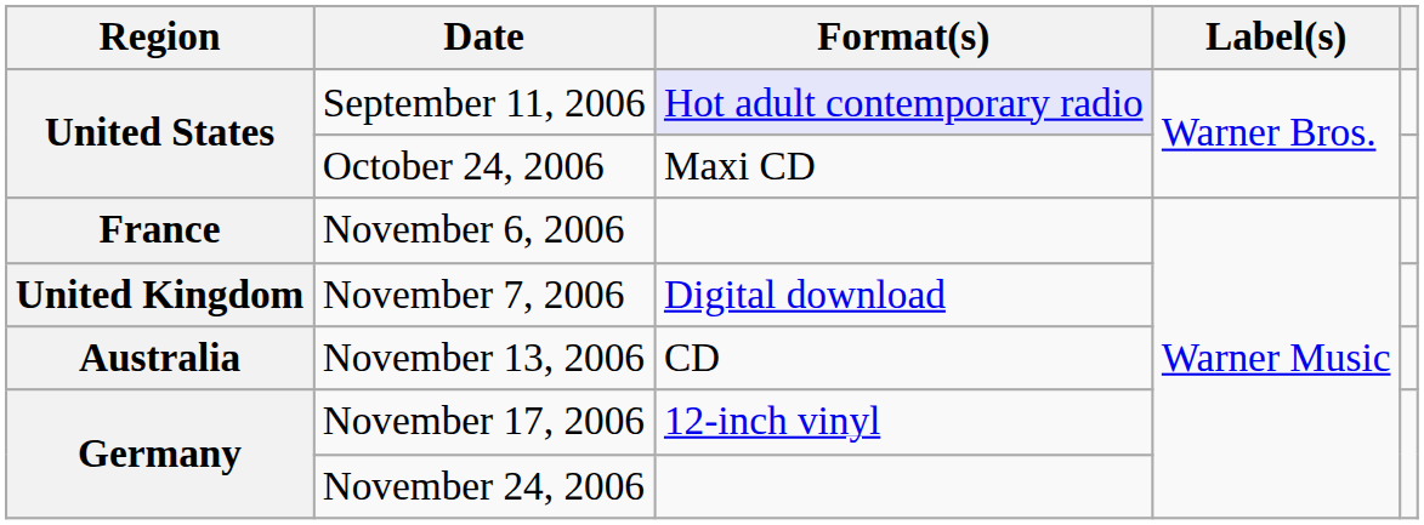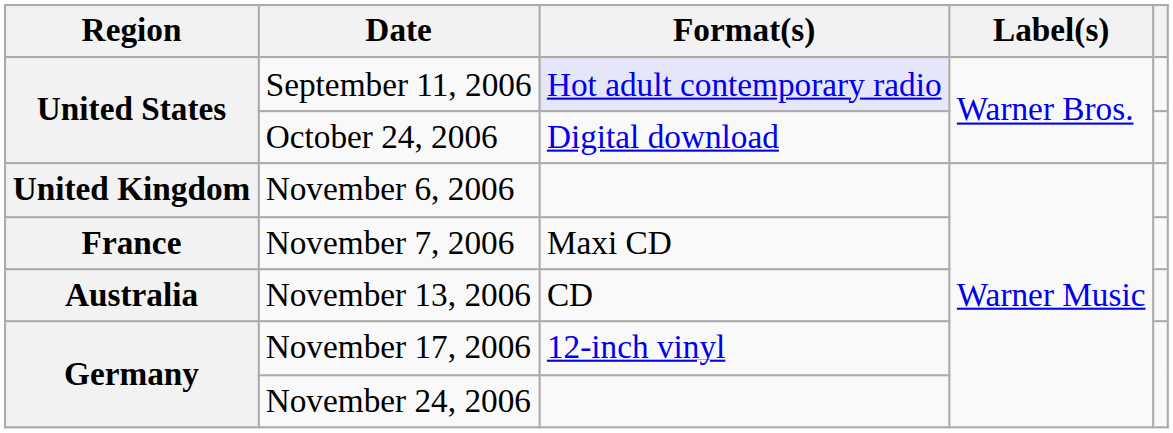 <table class="wikitable sortable plainrowheaders">
 <tr>
 <th scope="col">Region</th>
 <th scope="col">Date</th>
 <th scope="col">Format(s)</th>
 <th scope="col">Label(s)</th>
 <th scope="col"></th>
 </tr>
 <tr>
 <th scope="row" rowspan="2">United States</th>
 <td>September 11, 2006</td>
 <td style="background: lavender;"><a href='#'>Hot adult contemporary radio</a></td>
 <td rowspan="2"><a href='#'>Warner Bros.</a></td>
 <td align="center"></td>
 </tr>
 <tr>
 <td>October 24, 2006</td>
-<td>Maxi CD</td>
+<td><a href='#'>Digital download</a> </td>
 <td align="center"></td>
 </tr>
 <tr>
-<th scope="row">France</th>
+<th scope="row">United Kingdom</th>
 <td>November 6, 2006</td>
 <td></td>
 <td rowspan="5"><a href='#'>Warner Music</a></td>
 <td align="center"></td>
 </tr>
 <tr>
-<th scope="row">United Kingdom</th>
+<th scope="row">France</th>
 <td>November 7, 2006</td>
-<td><a href='#'>Digital download</a> </td>
+<td>Maxi CD</td>
 <td align="center"></td>
 </tr>
 <tr>
 <th scope="row">Australia</th>
 <td>November 13, 2006</td>
 <td>CD</td>
 <td align="center"></td>
 </tr>
 <tr>
 <th scope="row" rowspan="2">Germany</th>
 <td>November 17, 2006</td>
 <td><a href='#'>12-inch vinyl</a></td>
 <td align="center" rowspan="2"></td>
 </tr>
 <tr>
 <td>November 24, 2006</td>
 <td></td>
 </tr>
 </table>
